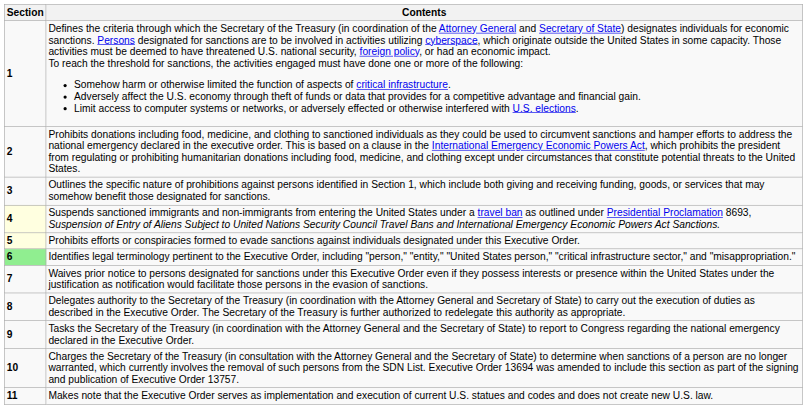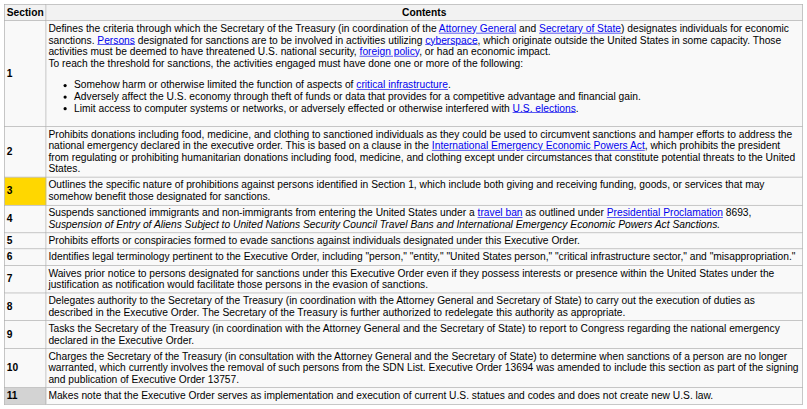 <table class="wikitable">
 <tr>
 <th>Section</th>
 <th>Contents</th>
 </tr>
 <tr>
 <td><strong>1</strong></td>
 <td>Defines the criteria through which the Secretary of the Treasury (in coordination of the <a href='#'>Attorney General</a> and <a href='#'>Secretary of State</a>) designates individuals for economic sanctions. <a href='#'>Persons</a> designated for sanctions are to be involved in activities utilizing <a href='#'>cyberspace</a>, which originate outside the United States in some capacity. Those activities must be deemed to have threatened U.S. national security, <a href='#'>foreign policy</a>, or had an economic impact.<br>To reach the threshold for sanctions, the activities engaged must have done one or more of the following:<ul><li>Somehow harm or otherwise limited the function of aspects of <a href='#'>critical infrastructure</a>.</li><li>Adversely affect the U.S. economy through theft of funds or data that provides for a competitive advantage and financial gain.</li><li>Limit access to computer systems or networks, or adversely effected or otherwise interfered with <a href='#'>U.S. elections</a>.</li></ul></td>
 </tr>
 <tr>
 <td><strong>2</strong></td>
 <td>Prohibits donations including food, medicine, and clothing to sanctioned individuals as they could be used to circumvent sanctions and hamper efforts to address the national emergency declared in the executive order. This is based on a clause in the <a href='#'>International Emergency Economic Powers Act</a>, which prohibits the president from regulating or prohibiting humanitarian donations including food, medicine, and clothing except under circumstances that constitute potential threats to the United States.</td>
 </tr>
 <tr>
-<td><strong>3</strong></td>
+<td style="background: gold;"><strong>3</strong></td>
 <td>Outlines the specific nature of prohibitions against persons identified in Section 1, which include both giving and receiving funding, goods, or services that may somehow benefit those designated for sanctions.</td>
 </tr>
 <tr>
-<td style="background: lightyellow;"><strong>4</strong></td>
+<td><strong>4</strong></td>
 <td>Suspends sanctioned immigrants and non-immigrants from entering the United States under a <a href='#'>travel ban</a> as outlined under <a href='#'>Presidential Proclamation</a> 8693, <em>Suspension of Entry of Aliens Subject to United Nations Security Council Travel Bans and International Emergency Economic Powers Act Sanctions.</em></td>
 </tr>
 <tr>
-<td style="background: lightyellow;"><strong>5</strong></td>
+<td><strong>5</strong></td>
 <td>Prohibits efforts or conspiracies formed to evade sanctions against individuals designated under this Executive Order.</td>
 </tr>
 <tr>
-<td style="background: lightgreen;"><strong>6</strong></td>
+<td><strong>6</strong></td>
 <td>Identifies legal terminology pertinent to the Executive Order, including "person," "entity," "United States person," "critical infrastructure sector," and "misappropriation."</td>
 </tr>
 <tr>
 <td><strong>7</strong></td>
 <td>Waives prior notice to persons designated for sanctions under this Executive Order even if they possess interests or presence within the United States under the justification as notification would facilitate those persons in the evasion of sanctions.</td>
 </tr>
 <tr>
 <td><strong>8</strong></td>
 <td>Delegates authority to the Secretary of the Treasury (in coordination with the Attorney General and Secretary of State) to carry out the execution of duties as described in the Executive Order. The Secretary of the Treasury is further authorized to redelegate this authority as appropriate.</td>
 </tr>
 <tr>
 <td><strong>9</strong></td>
 <td>Tasks the Secretary of the Treasury (in coordination with the Attorney General and the Secretary of State) to report to Congress regarding the national emergency declared in the Executive Order.</td>
 </tr>
 <tr>
 <td><strong>10</strong></td>
 <td>Charges the Secretary of the Treasury (in consultation with the Attorney General and the Secretary of State) to determine when sanctions of a person are no longer warranted, which currently involves the removal of such persons from the SDN List. Executive Order 13694 was amended to include this section as part of the signing and publication of Executive Order 13757.</td>
 </tr>
 <tr>
-<td><strong>11</strong></td>
+<td style="background: lightgrey;"><strong>11</strong></td>
 <td>Makes note that the Executive Order serves as implementation and execution of current U.S. statues and codes and does not create new U.S. law.</td>
 </tr>
 </table>
